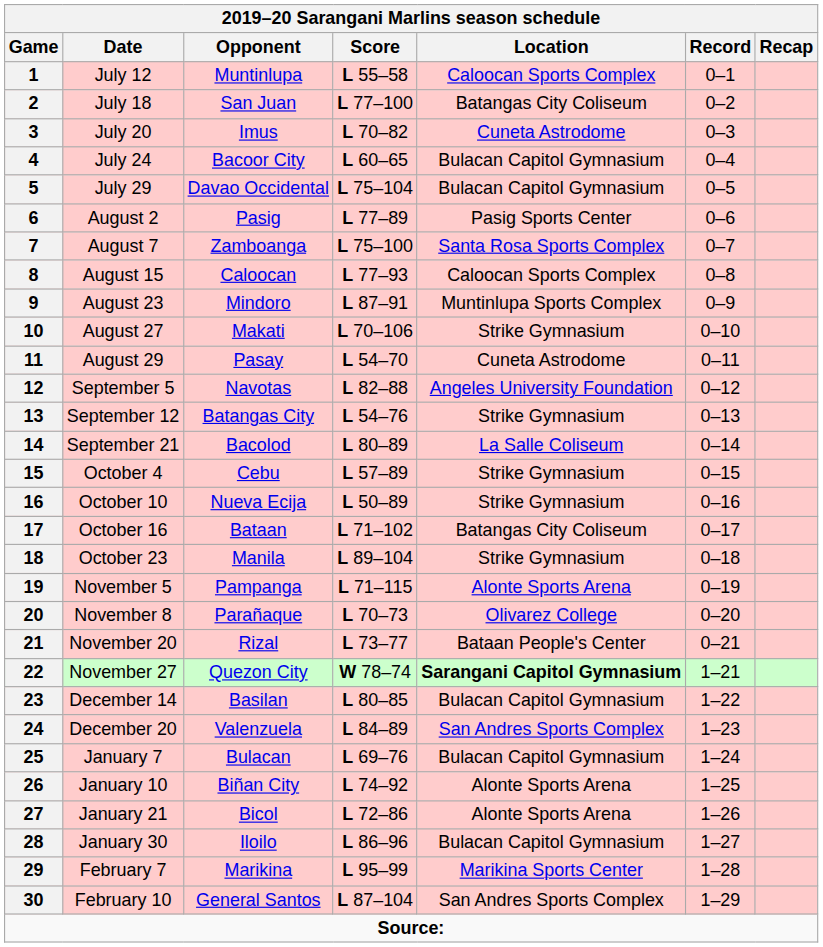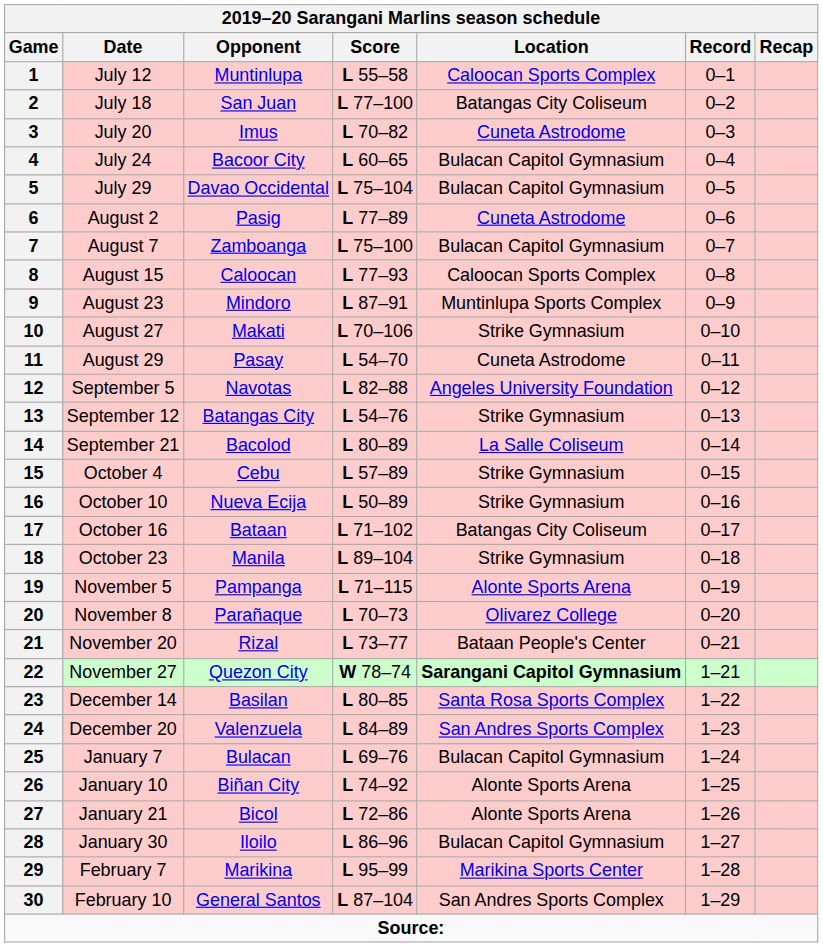 <table class="wikitable" style="text-align:center">
 <tr>
 <th colspan=7>2019–20 Sarangani Marlins season schedule</th>
 </tr>
 <tr>
 <th>Game</th>
 <th>Date</th>
 <th>Opponent</th>
 <th>Score</th>
 <th>Location</th>
 <th>Record</th>
 <th>Recap<br></th>
 </tr>
 <tr style="background:#fcc">
 <th>1</th>
 <td>July 12</td>
 <td><a href='#'>Muntinlupa</a></td>
 <td><strong>L</strong> 55–58</td>
 <td><a href='#'>Caloocan Sports Complex</a></td>
 <td>0–1</td>
 <td></td>
 </tr>
 <tr style="background:#fcc">
 <th>2</th>
 <td>July 18</td>
 <td><a href='#'>San Juan</a></td>
 <td><strong>L</strong> 77–100</td>
 <td>Batangas City Coliseum</td>
 <td>0–2</td>
 <td></td>
 </tr>
 <tr style="background:#fcc">
 <th>3</th>
 <td>July 20</td>
 <td><a href='#'>Imus</a></td>
 <td><strong>L</strong> 70–82</td>
 <td><a href='#'>Cuneta Astrodome</a></td>
 <td>0–3</td>
 <td></td>
 </tr>
 <tr style="background:#fcc">
 <th>4</th>
 <td>July 24</td>
 <td><a href='#'>Bacoor City</a></td>
 <td><strong>L</strong> 60–65</td>
 <td>Bulacan Capitol Gymnasium</td>
 <td>0–4</td>
 <td></td>
 </tr>
 <tr style="background:#fcc">
 <th>5</th>
 <td>July 29</td>
 <td><a href='#'>Davao Occidental</a></td>
 <td><strong>L</strong> 75–104</td>
 <td>Bulacan Capitol Gymnasium</td>
 <td>0–5</td>
 <td></td>
 </tr>
 <tr style="background:#fcc">
 <th>6</th>
 <td>August 2</td>
 <td><a href='#'>Pasig</a></td>
 <td><strong>L</strong> 77–89</td>
-<td>Pasig Sports Center</td>
+<td><a href='#'>Cuneta Astrodome</a></td>
 <td>0–6</td>
 <td></td>
 </tr>
 <tr style="background:#fcc">
 <th>7</th>
 <td>August 7</td>
 <td><a href='#'>Zamboanga</a></td>
 <td><strong>L</strong> 75–100</td>
-<td><a href='#'>Santa Rosa Sports Complex</a></td>
+<td>Bulacan Capitol Gymnasium</td>
 <td>0–7</td>
 <td></td>
 </tr>
 <tr style="background:#fcc">
 <th>8</th>
 <td>August 15</td>
 <td><a href='#'>Caloocan</a></td>
 <td><strong>L</strong> 77–93</td>
 <td>Caloocan Sports Complex</td>
 <td>0–8</td>
 <td></td>
 </tr>
 <tr style="background:#fcc">
 <th>9</th>
 <td>August 23</td>
 <td><a href='#'>Mindoro</a></td>
 <td><strong>L</strong> 87–91</td>
 <td>Muntinlupa Sports Complex</td>
 <td>0–9</td>
 <td></td>
 </tr>
 <tr style="background:#fcc">
 <th>10</th>
 <td>August 27</td>
 <td><a href='#'>Makati</a></td>
 <td><strong>L</strong> 70–106</td>
 <td>Strike Gymnasium</td>
 <td>0–10</td>
 <td></td>
 </tr>
 <tr style="background:#fcc">
 <th>11</th>
 <td>August 29</td>
 <td><a href='#'>Pasay</a></td>
 <td><strong>L</strong> 54–70</td>
 <td>Cuneta Astrodome</td>
 <td>0–11</td>
 <td><br></td>
 </tr>
 <tr style="background:#fcc">
 <th>12</th>
 <td>September 5</td>
 <td><a href='#'>Navotas</a></td>
 <td><strong>L</strong> 82–88</td>
 <td><a href='#'>Angeles University Foundation</a></td>
 <td>0–12</td>
 <td></td>
 </tr>
 <tr style="background:#fcc">
 <th>13</th>
 <td>September 12</td>
 <td><a href='#'>Batangas City</a></td>
 <td><strong>L</strong> 54–76</td>
 <td>Strike Gymnasium</td>
 <td>0–13</td>
 <td></td>
 </tr>
 <tr style="background:#fcc">
 <th>14</th>
 <td>September 21</td>
 <td><a href='#'>Bacolod</a></td>
 <td><strong>L</strong> 80–89</td>
 <td><a href='#'>La Salle Coliseum</a></td>
 <td>0–14</td>
 <td></td>
 </tr>
 <tr style="background:#fcc">
 <th>15</th>
 <td>October 4</td>
 <td><a href='#'>Cebu</a></td>
 <td><strong>L</strong> 57–89</td>
 <td>Strike Gymnasium</td>
 <td>0–15</td>
 <td></td>
 </tr>
 <tr style="background:#fcc">
 <th>16</th>
 <td>October 10</td>
 <td><a href='#'>Nueva Ecija</a></td>
 <td><strong>L</strong> 50–89</td>
 <td>Strike Gymnasium</td>
 <td>0–16</td>
 <td></td>
 </tr>
 <tr style="background:#fcc">
 <th>17</th>
 <td>October 16</td>
 <td><a href='#'>Bataan</a></td>
 <td><strong>L</strong> 71–102</td>
 <td>Batangas City Coliseum</td>
 <td>0–17</td>
 <td></td>
 </tr>
 <tr style="background:#fcc">
 <th>18</th>
 <td>October 23</td>
 <td><a href='#'>Manila</a></td>
 <td><strong>L</strong> 89–104</td>
 <td>Strike Gymnasium</td>
 <td>0–18</td>
 <td></td>
 </tr>
 <tr style="background:#fcc">
 <th>19</th>
 <td>November 5</td>
 <td><a href='#'>Pampanga</a></td>
 <td><strong>L</strong> 71–115</td>
 <td><a href='#'>Alonte Sports Arena</a></td>
 <td>0–19</td>
 <td></td>
 </tr>
 <tr style="background:#fcc">
 <th>20</th>
 <td>November 8</td>
 <td><a href='#'>Parañaque</a></td>
 <td><strong>L</strong> 70–73</td>
 <td><a href='#'>Olivarez College</a></td>
 <td>0–20</td>
 <td></td>
 </tr>
 <tr style="background:#fcc">
 <th>21</th>
 <td>November 20</td>
 <td><a href='#'>Rizal</a></td>
 <td><strong>L</strong> 73–77</td>
 <td>Bataan People's Center</td>
 <td>0–21</td>
 <td></td>
 </tr>
 <tr style="background:#cfc">
 <th>22</th>
 <td>November 27</td>
 <td><a href='#'>Quezon City</a></td>
 <td><strong>W</strong> 78–74</td>
 <td><strong>Sarangani Capitol Gymnasium</strong></td>
 <td>1–21</td>
 <td><br></td>
 </tr>
 <tr style="background:#fcc">
 <th>23</th>
 <td>December 14</td>
 <td><a href='#'>Basilan</a></td>
 <td><strong>L</strong> 80–85</td>
-<td>Bulacan Capitol Gymnasium</td>
+<td><a href='#'>Santa Rosa Sports Complex</a></td>
 <td>1–22</td>
 <td></td>
 </tr>
 <tr style="background:#fcc">
 <th>24</th>
 <td>December 20</td>
 <td><a href='#'>Valenzuela</a></td>
 <td><strong>L</strong> 84–89</td>
 <td><a href='#'>San Andres Sports Complex</a></td>
 <td>1–23</td>
 <td></td>
 </tr>
 <tr style="background:#fcc">
 <th>25</th>
 <td>January 7</td>
 <td><a href='#'>Bulacan</a></td>
 <td><strong>L</strong> 69–76</td>
 <td>Bulacan Capitol Gymnasium</td>
 <td>1–24</td>
 <td></td>
 </tr>
 <tr style="background:#fcc">
 <th>26</th>
 <td>January 10</td>
 <td><a href='#'>Biñan City</a></td>
 <td><strong>L</strong> 74–92</td>
 <td>Alonte Sports Arena</td>
 <td>1–25</td>
 <td></td>
 </tr>
 <tr style="background:#fcc">
 <th>27</th>
 <td>January 21</td>
 <td><a href='#'>Bicol</a></td>
 <td><strong>L</strong> 72–86</td>
 <td>Alonte Sports Arena</td>
 <td>1–26</td>
 <td></td>
 </tr>
 <tr style="background:#fcc">
 <th>28</th>
 <td>January 30</td>
 <td><a href='#'>Iloilo</a></td>
 <td><strong>L</strong> 86–96</td>
 <td>Bulacan Capitol Gymnasium</td>
 <td>1–27</td>
 <td></td>
 </tr>
 <tr style="background:#fcc">
 <th>29</th>
 <td>February 7</td>
 <td><a href='#'>Marikina</a></td>
 <td><strong>L</strong> 95–99</td>
 <td><a href='#'>Marikina Sports Center</a></td>
 <td>1–28</td>
 <td></td>
 </tr>
 <tr style="background:#fcc">
 <th>30</th>
 <td>February 10</td>
 <td><a href='#'>General Santos</a></td>
 <td><strong>L</strong> 87–104</td>
 <td>San Andres Sports Complex</td>
 <td>1–29</td>
 <td></td>
 </tr>
 <tr>
 <td colspan=7 align=center><strong>Source: </strong></td>
 </tr>
 </table>
